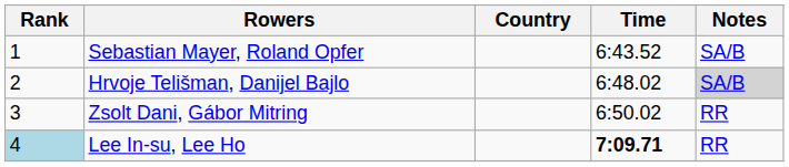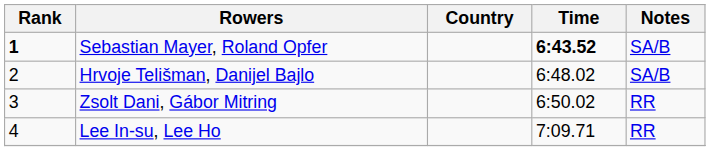 <table class="wikitable" width=50%>
 <tr>
 <th>Rank</th>
 <th>Rowers</th>
 <th>Country</th>
 <th>Time</th>
 <th>Notes</th>
 </tr>
 <tr>
-<td>1</td>
+<td><strong>1</strong></td>
 <td><a href='#'>Sebastian Mayer</a>, <a href='#'>Roland Opfer</a></td>
 <td></td>
-<td>6:43.52</td>
+<td><strong>6:43.52</strong></td>
 <td><a href='#'>SA/B</a></td>
 </tr>
 <tr>
 <td>2</td>
 <td><a href='#'>Hrvoje Telišman</a>, <a href='#'>Danijel Bajlo</a></td>
 <td></td>
 <td>6:48.02</td>
-<td style="background: lightgrey;"><a href='#'>SA/B</a></td>
+<td><a href='#'>SA/B</a></td>
 </tr>
 <tr>
 <td>3</td>
 <td><a href='#'>Zsolt Dani</a>, <a href='#'>Gábor Mitring</a></td>
 <td></td>
 <td>6:50.02</td>
 <td><a href='#'>RR</a></td>
 </tr>
 <tr>
-<td style="background: lightblue;">4</td>
+<td>4</td>
 <td><a href='#'>Lee In-su</a>, <a href='#'>Lee Ho</a></td>
 <td></td>
-<td><strong>7:09.71</strong></td>
+<td>7:09.71</td>
 <td><a href='#'>RR</a></td>
 </tr>
 <tr>
 </tr>
 </table>
